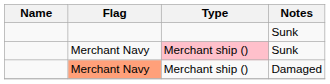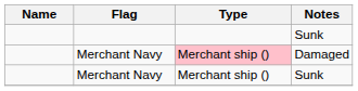 <table class="wikitable sortable">
 <tr>
 <th scope="col" width="80px">Name</th>
 <th scope="col" width="120px">Flag</th>
 <th scope="col" width="140px">Type</th>
 <th>Notes</th>
 </tr>
 <tr>
 <td align="left"></td>
 <td align="left"></td>
 <td align="left"></td>
 <td align="left">Sunk</td>
 </tr>
 <tr>
 <td align="left"></td>
 <td align="left"> Merchant Navy</td>
 <td align="left" style="background: pink;">Merchant ship ()</td>
-<td align="left">Sunk</td>
+<td align="right">Damaged</td>
 </tr>
 <tr>
 <td align="left"></td>
-<td align="left" style="background: lightsalmon;"> Merchant Navy</td>
+<td align="left"> Merchant Navy</td>
 <td align="left">Merchant ship ()</td>
-<td align="right">Damaged</td>
+<td align="left">Sunk</td>
 </tr>
 <tr>
 </tr>
 </table>
